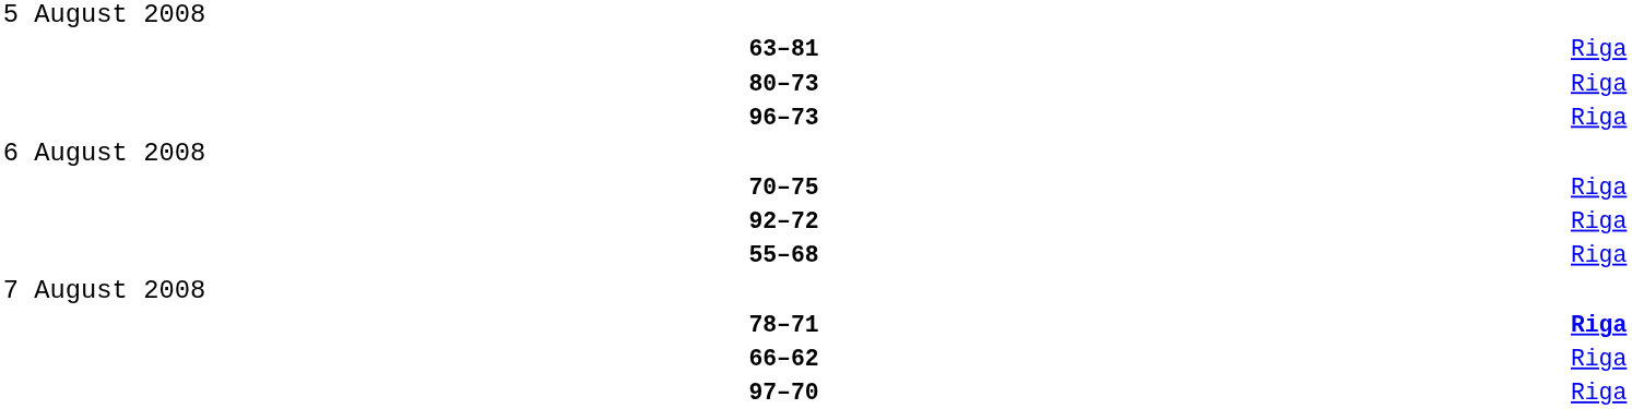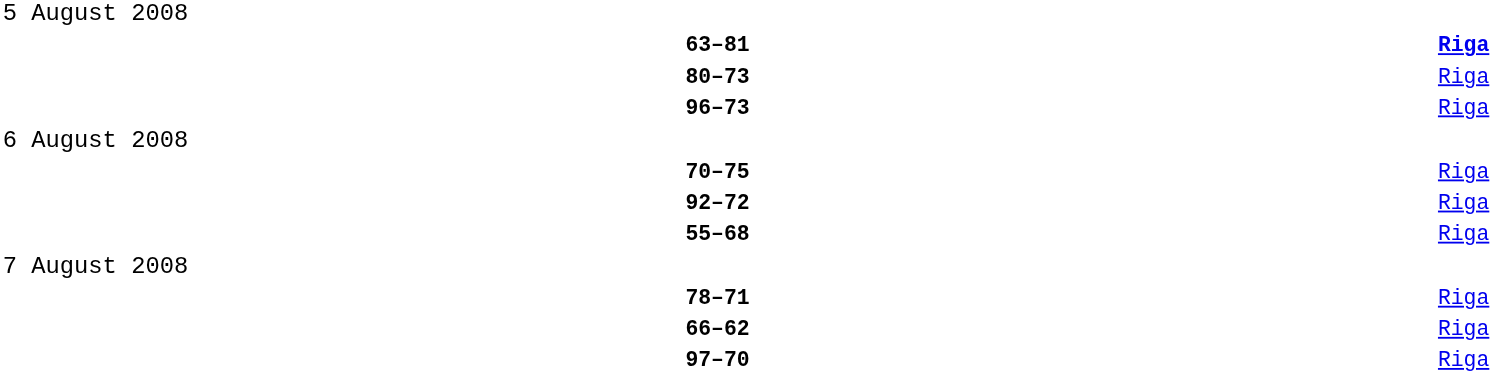 <table style="width:100%;" cellspacing="1">
 <tr>
 <th width=25%></th>
 <th width=3%></th>
 <th width=6%></th>
 <th width=3%></th>
 <th width=25%></th>
 </tr>
 <tr>
 <td>5 August 2008</td>
 </tr>
 <tr style=font-size:90%>
 <td align=right><strong></strong></td>
 <td></td>
 <td align=center><strong>63–81</strong></td>
 <td></td>
 <td><strong></strong></td>
-<td><a href='#'>Riga</a></td>
+<td><strong><a href='#'>Riga</a></strong></td>
 </tr>
 <tr style=font-size:90%>
 <td align=right><strong></strong></td>
 <td></td>
 <td align=center><strong>80–73</strong></td>
 <td></td>
 <td><strong></strong></td>
 <td><a href='#'>Riga</a></td>
 </tr>
 <tr style=font-size:90%>
 <td align=right><strong></strong></td>
 <td></td>
 <td align=center><strong>96–73</strong></td>
 <td></td>
 <td><strong></strong></td>
 <td><a href='#'>Riga</a></td>
 </tr>
 <tr>
 <td>6 August 2008</td>
 </tr>
 <tr style=font-size:90%>
 <td align=right><strong></strong></td>
 <td></td>
 <td align=center><strong>70–75</strong></td>
 <td></td>
 <td><strong></strong></td>
 <td><a href='#'>Riga</a></td>
 </tr>
 <tr style=font-size:90%>
 <td align=right><strong></strong></td>
 <td></td>
 <td align=center><strong>92–72</strong></td>
 <td></td>
 <td><strong></strong></td>
 <td><a href='#'>Riga</a></td>
 </tr>
 <tr style=font-size:90%>
 <td align=right><strong></strong></td>
 <td></td>
 <td align=center><strong>55–68</strong></td>
 <td></td>
 <td><strong></strong></td>
 <td><a href='#'>Riga</a></td>
 </tr>
 <tr>
 <td>7 August 2008</td>
 </tr>
 <tr style=font-size:90%>
 <td align=right><strong></strong></td>
 <td></td>
 <td align=center><strong>78–71</strong></td>
 <td></td>
 <td><strong></strong></td>
-<td><strong><a href='#'>Riga</a></strong></td>
+<td><a href='#'>Riga</a></td>
 </tr>
 <tr style=font-size:90%>
 <td align=right><strong></strong></td>
 <td></td>
 <td align=center><strong>66–62</strong></td>
 <td></td>
 <td><strong></strong></td>
 <td><a href='#'>Riga</a></td>
 </tr>
 <tr style=font-size:90%>
 <td align=right><strong></strong></td>
 <td></td>
 <td align=center><strong>97–70</strong></td>
 <td></td>
 <td><strong></strong></td>
 <td><a href='#'>Riga</a></td>
 </tr>
 </table>
